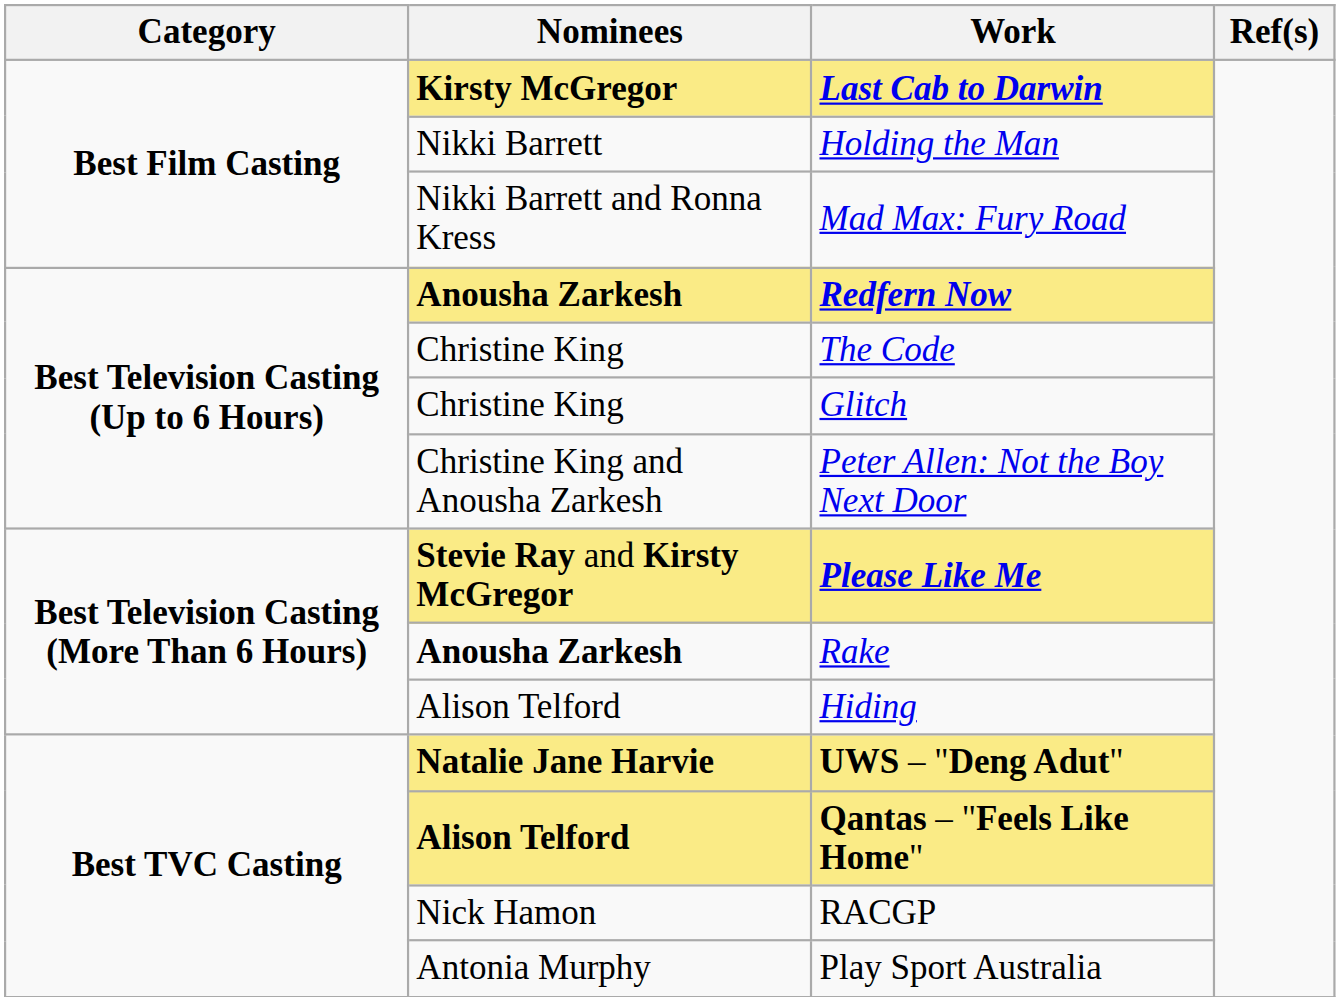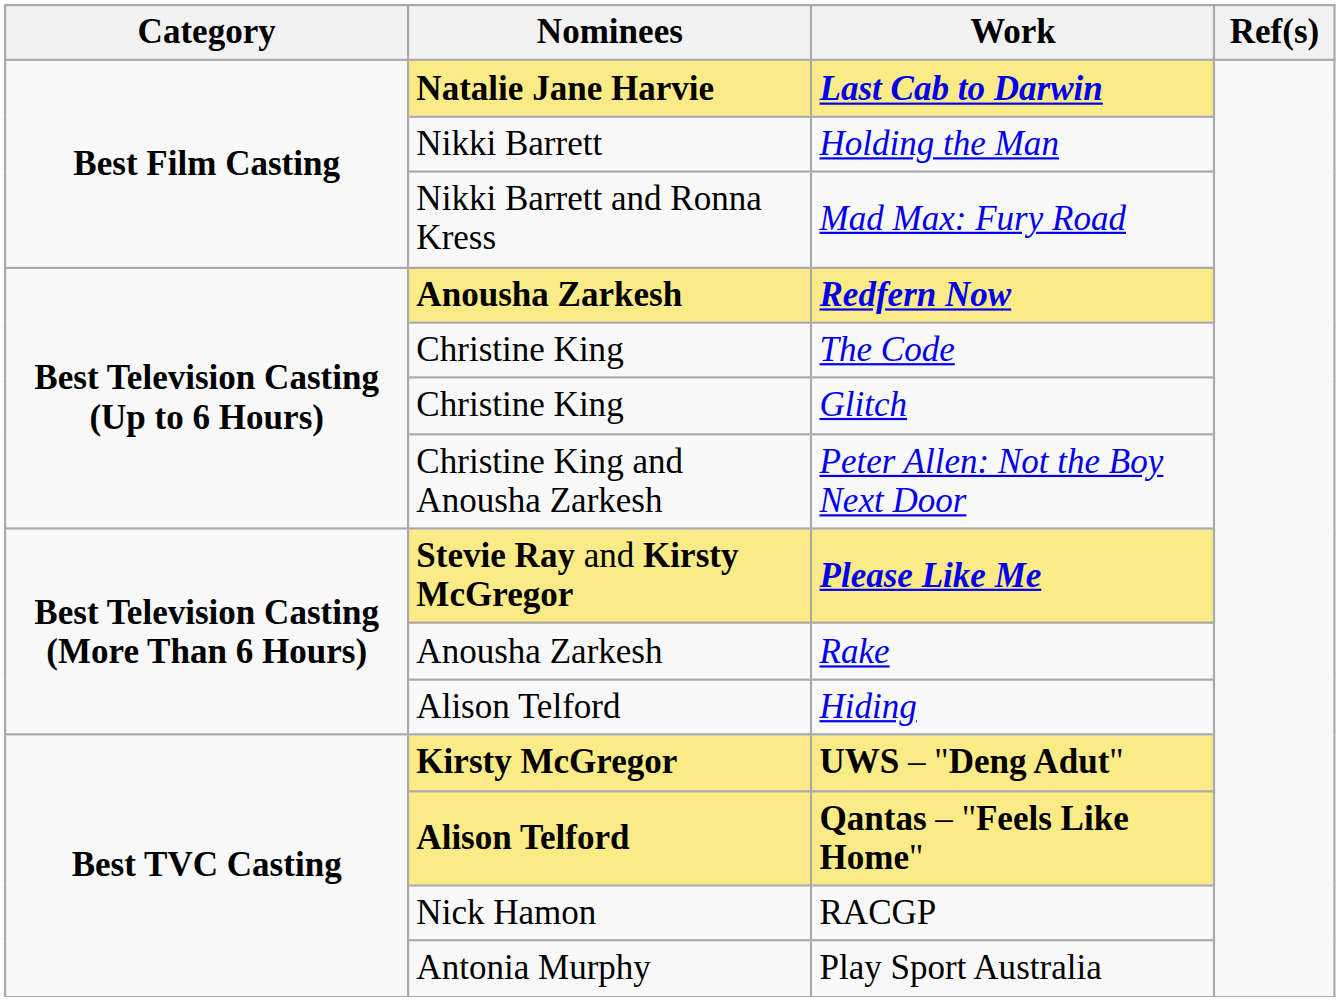 <table class="wikitable sortable">
 <tr>
 <th width="25%">Category</th>
 <th width="25%">Nominees</th>
 <th width="25%">Work</th>
 <th scope="col" style="width:5%;" class="unsortable">Ref(s)</th>
 </tr>
 <tr>
 <td rowspan=3 align="center"><strong>Best Film Casting</strong></td>
-<td style="background:#FAEB86"><strong>Kirsty McGregor</strong></td>
+<td style="background:#FAEB86"><strong>Natalie Jane Harvie</strong></td>
 <td style="background:#FAEB86"><strong><em><a href='#'>Last Cab to Darwin</a></em></strong></td>
 <td rowspan=19 align="center"></td>
 </tr>
 <tr>
 <td>Nikki Barrett</td>
 <td><em><a href='#'>Holding the Man</a></em></td>
 </tr>
 <tr>
 <td>Nikki Barrett and Ronna Kress</td>
 <td><em><a href='#'>Mad Max: Fury Road</a></em></td>
 </tr>
 <tr>
 <td rowspan=4 align="center"><strong>Best Television Casting (Up to 6 Hours)</strong></td>
 <td style="background:#FAEB86"><strong>Anousha Zarkesh</strong></td>
 <td style="background:#FAEB86"><strong><em><a href='#'>Redfern Now</a></em></strong></td>
 </tr>
 <tr>
 <td>Christine King</td>
 <td><em><a href='#'>The Code</a></em></td>
 </tr>
 <tr>
 <td>Christine King</td>
 <td><em><a href='#'>Glitch</a></em></td>
 </tr>
 <tr>
 <td>Christine King and Anousha Zarkesh</td>
 <td><em><a href='#'>Peter Allen: Not the Boy Next Door</a></em></td>
 </tr>
 <tr>
 <td rowspan=3 align="center"><strong>Best Television Casting (More Than 6 Hours)</strong></td>
 <td style="background:#FAEB86"><strong>Stevie Ray</strong> and <strong>Kirsty McGregor</strong></td>
 <td style="background:#FAEB86"><strong><em><a href='#'>Please Like Me</a></em></strong></td>
 </tr>
 <tr>
-<td><strong>Anousha Zarkesh</strong></td>
+<td>Anousha Zarkesh</td>
 <td><em><a href='#'>Rake</a></em></td>
 </tr>
 <tr>
 <td>Alison Telford</td>
 <td><em><a href='#'>Hiding</a></em></td>
 </tr>
 <tr>
 <td rowspan=4 align="center"><strong>Best TVC Casting</strong></td>
-<td style="background:#FAEB86"><strong>Natalie Jane Harvie</strong></td>
+<td style="background:#FAEB86"><strong>Kirsty McGregor</strong></td>
 <td style="background:#FAEB86"><strong>UWS</strong> – "<strong>Deng Adut</strong>"</td>
 </tr>
 <tr>
 <td style="background:#FAEB86"><strong>Alison Telford</strong></td>
 <td style="background:#FAEB86"><strong>Qantas</strong> – "<strong>Feels Like Home</strong>"</td>
 </tr>
 <tr>
 <td>Nick Hamon</td>
 <td>RACGP</td>
 </tr>
 <tr>
 <td>Antonia Murphy</td>
 <td>Play Sport Australia</td>
 </tr>
 <tr>
 </tr>
 </table>
